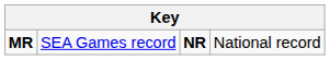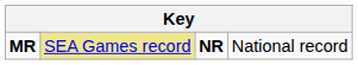 <table class="wikitable" style="font-size:95%; position:relative;">
 <tr>
 <th colspan=4>Key</th>
 </tr>
 <tr>
 <td align=center><strong>MR</strong></td>
-<td><a href='#'>SEA Games record</a></td>
+<td style="background: khaki;"><a href='#'>SEA Games record</a></td>
 <td align=center><strong>NR</strong></td>
 <td>National record</td>
 </tr>
 </table>
